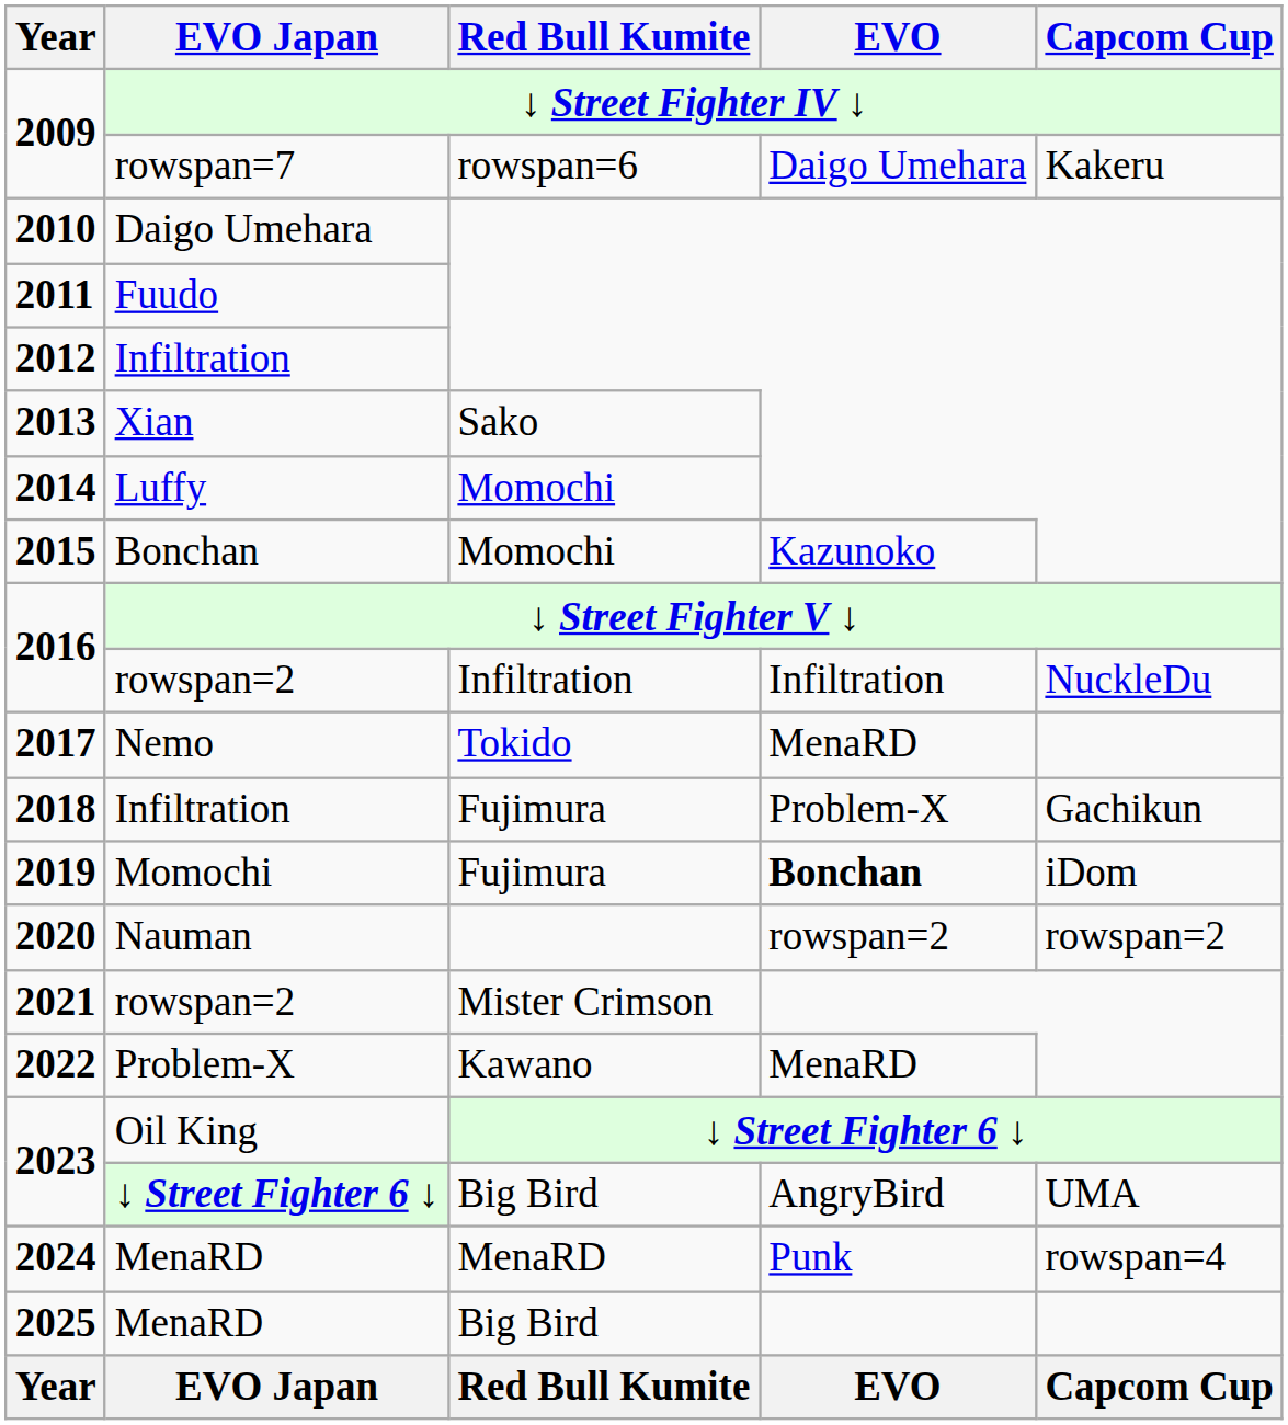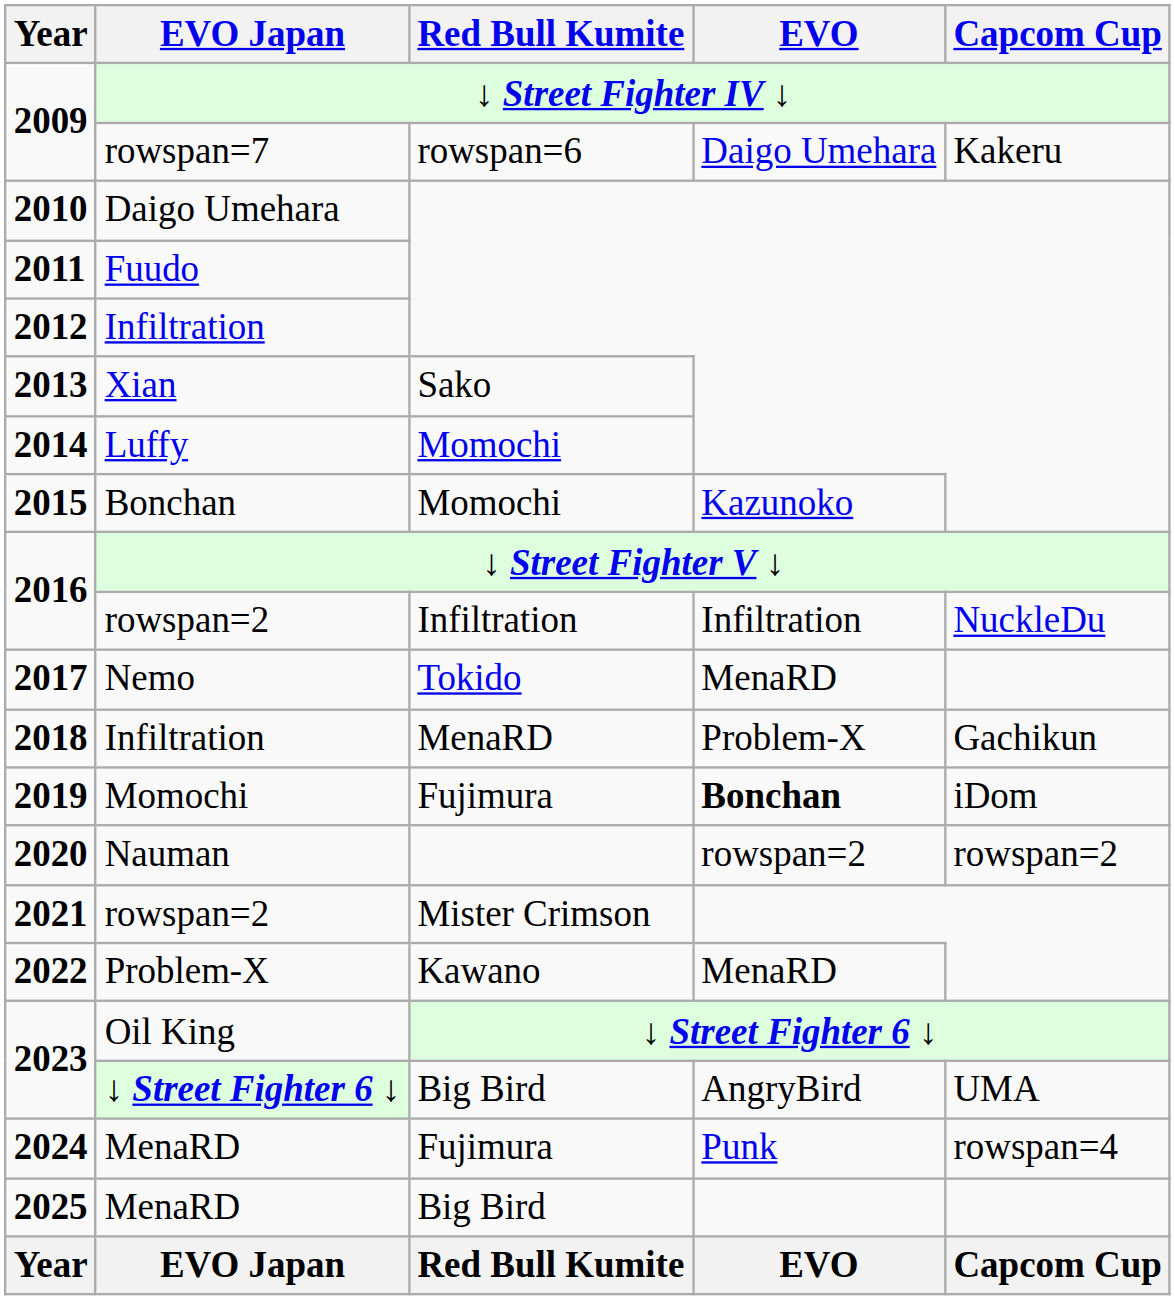 <table class="wikitable sortable">
 <tr>
 <th>Year</th>
 <th><a href='#'>EVO Japan</a></th>
 <th><a href='#'>Red Bull Kumite</a></th>
 <th><a href='#'>EVO</a></th>
 <th><a href='#'>Capcom Cup</a></th>
 </tr>
 <tr>
 <td rowspan=2><strong>2009</strong></td>
 <td colspan="4" style="background: #DEFFDE; text-align: center;">↓ <strong><em><a href='#'>Street Fighter IV</a></em></strong> ↓</td>
 </tr>
 <tr>
 <td>rowspan=7 </td>
 <td>rowspan=6 </td>
 <td><a href='#'>Daigo Umehara</a> </td>
 <td>Kakeru </td>
 </tr>
 <tr>
 <td><strong>2010</strong></td>
 <td>Daigo Umehara </td>
 </tr>
 <tr>
 <td><strong>2011</strong></td>
 <td><a href='#'>Fuudo</a> </td>
 </tr>
 <tr>
 <td><strong>2012</strong></td>
 <td><a href='#'>Infiltration</a> </td>
 </tr>
 <tr>
 <td><strong>2013</strong></td>
 <td><a href='#'>Xian</a> </td>
 <td>Sako </td>
 </tr>
 <tr>
 <td><strong>2014</strong></td>
 <td><a href='#'>Luffy</a> </td>
 <td><a href='#'>Momochi</a> </td>
 </tr>
 <tr>
 <td><strong>2015</strong></td>
 <td>Bonchan </td>
 <td>Momochi </td>
 <td><a href='#'>Kazunoko</a> </td>
 </tr>
 <tr>
 <td rowspan=2><strong>2016</strong></td>
 <td colspan="4" style="background: #DEFFDE; text-align: center;">↓ <strong><em><a href='#'>Street Fighter V</a></em></strong> ↓</td>
 </tr>
 <tr>
 <td>rowspan=2 </td>
 <td>Infiltration </td>
 <td>Infiltration </td>
 <td><a href='#'>NuckleDu</a> </td>
 </tr>
 <tr>
 <td><strong>2017</strong></td>
 <td>Nemo </td>
 <td><a href='#'>Tokido</a> </td>
 <td>MenaRD </td>
 </tr>
 <tr>
 <td><strong>2018</strong></td>
 <td>Infiltration </td>
-<td>Fujimura </td>
+<td>MenaRD </td>
 <td>Problem-X </td>
 <td>Gachikun </td>
 </tr>
 <tr>
 <td><strong>2019</strong></td>
 <td>Momochi </td>
 <td>Fujimura </td>
 <td><strong>Bonchan </strong></td>
 <td>iDom </td>
 </tr>
 <tr>
 <td><strong>2020</strong></td>
 <td>Nauman </td>
 <td></td>
 <td>rowspan=2  </td>
 <td>rowspan=2  </td>
 </tr>
 <tr>
 <td><strong>2021</strong></td>
 <td>rowspan=2 </td>
 <td>Mister Crimson </td>
 </tr>
 <tr>
 <td><strong>2022</strong></td>
 <td>Problem-X </td>
 <td>Kawano </td>
 <td>MenaRD </td>
 </tr>
 <tr>
 <td rowspan=2><strong>2023</strong></td>
 <td>Oil King </td>
 <td colspan="3" style="background: #DEFFDE; text-align: center;">↓ <strong><em><a href='#'>Street Fighter 6</a></em></strong> ↓</td>
 </tr>
 <tr>
 <td style="background: #DEFFDE; text-align: center;">↓ <strong><em><a href='#'>Street Fighter 6</a></em></strong> ↓</td>
 <td>Big Bird </td>
 <td>AngryBird </td>
 <td>UMA </td>
 </tr>
 <tr>
 <td><strong>2024</strong></td>
 <td>MenaRD </td>
-<td>MenaRD </td>
+<td>Fujimura </td>
 <td><a href='#'>Punk</a> </td>
 <td>rowspan=4 </td>
 </tr>
 <tr>
 <td><strong>2025</strong></td>
 <td>MenaRD </td>
 <td>Big Bird </td>
 <td></td>
 <td></td>
 </tr>
 <tr>
 <th>Year</th>
 <th>EVO Japan</th>
 <th>Red Bull Kumite</th>
 <th>EVO</th>
 <th>Capcom Cup</th>
 </tr>
 </table>
